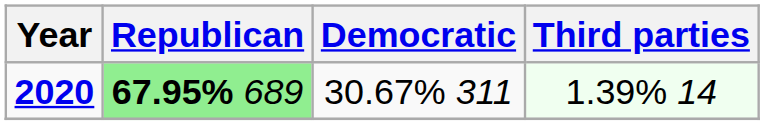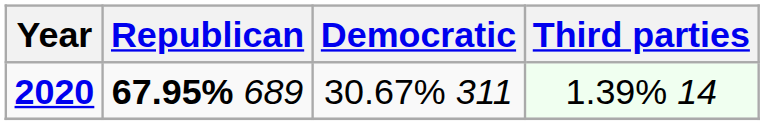 <table class="wikitable" style="float:right; font-size:95%;">
 <tr bgcolor=lightgrey>
 <th>Year</th>
 <th><a href='#'>Republican</a></th>
 <th><a href='#'>Democratic</a></th>
 <th><a href='#'>Third parties</a></th>
 </tr>
 <tr>
 <td style="text-align:center;" ><strong><a href='#'>2020</a></strong></td>
-<td style="background: lightgreen; text-align:center;" ><strong>67.95%</strong> <em>689</em></td>
+<td style="text-align:center;" ><strong>67.95%</strong> <em>689</em></td>
 <td style="text-align:center;" >30.67% <em>311</em></td>
 <td style="text-align:center; background:honeyDew;">1.39% <em>14</em></td>
 </tr>
 <tr>
 </tr>
 </table>
